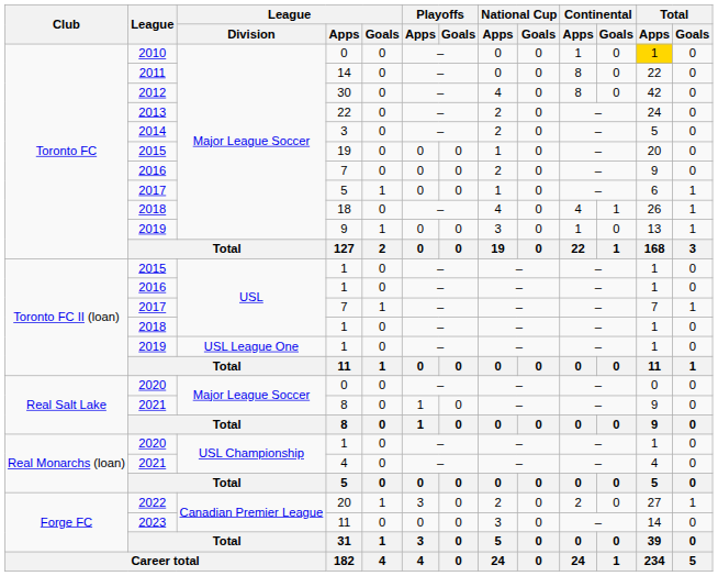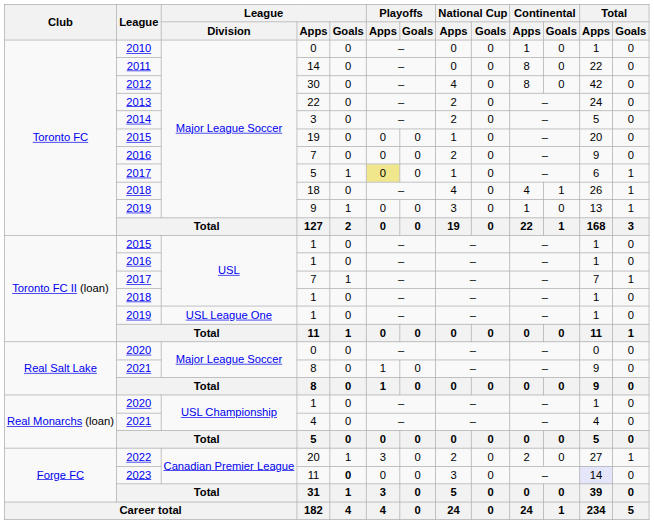 <table class="wikitable" style="text-align: center;">
 <tr>
 <th rowspan="2">Club</th>
 <th rowspan="2">League</th>
 <th colspan="3">League</th>
 <th colspan="2">Playoffs</th>
 <th colspan="2">National Cup</th>
 <th colspan="2">Continental</th>
 <th colspan="2">Total</th>
 </tr>
 <tr>
 <th>Division</th>
 <th>Apps</th>
 <th>Goals</th>
 <th>Apps</th>
 <th>Goals</th>
 <th>Apps</th>
 <th>Goals</th>
 <th>Apps</th>
 <th>Goals</th>
 <th>Apps</th>
 <th>Goals</th>
 </tr>
 <tr>
 <td rowspan="11"><a href='#'>Toronto FC</a></td>
 <td><a href='#'>2010</a></td>
 <td rowspan="10"><a href='#'>Major League Soccer</a></td>
 <td>0</td>
 <td>0</td>
 <td colspan="2">–</td>
 <td>0</td>
 <td>0</td>
 <td>1</td>
 <td>0</td>
-<td style="background: gold;">1</td>
+<td>1</td>
 <td>0</td>
 </tr>
 <tr>
 <td><a href='#'>2011</a></td>
 <td>14</td>
 <td>0</td>
 <td colspan="2">–</td>
 <td>0</td>
 <td>0</td>
 <td>8</td>
 <td>0</td>
 <td>22</td>
 <td>0</td>
 </tr>
 <tr>
 <td><a href='#'>2012</a></td>
 <td>30</td>
 <td>0</td>
 <td colspan="2">–</td>
 <td>4</td>
 <td>0</td>
 <td>8</td>
 <td>0</td>
 <td>42</td>
 <td>0</td>
 </tr>
 <tr>
 <td><a href='#'>2013</a></td>
 <td>22</td>
 <td>0</td>
 <td colspan="2">–</td>
 <td>2</td>
 <td>0</td>
 <td colspan="2">–</td>
 <td>24</td>
 <td>0</td>
 </tr>
 <tr>
 <td><a href='#'>2014</a></td>
 <td>3</td>
 <td>0</td>
 <td colspan="2">–</td>
 <td>2</td>
 <td>0</td>
 <td colspan="2">–</td>
 <td>5</td>
 <td>0</td>
 </tr>
 <tr>
 <td><a href='#'>2015</a></td>
 <td>19</td>
 <td>0</td>
 <td>0</td>
 <td>0</td>
 <td>1</td>
 <td>0</td>
 <td colspan="2">–</td>
 <td>20</td>
 <td>0</td>
 </tr>
 <tr>
 <td><a href='#'>2016</a></td>
 <td>7</td>
 <td>0</td>
 <td>0</td>
 <td>0</td>
 <td>2</td>
 <td>0</td>
 <td colspan="2">–</td>
 <td>9</td>
 <td>0</td>
 </tr>
 <tr>
 <td><a href='#'>2017</a></td>
 <td>5</td>
 <td>1</td>
-<td>0</td>
+<td style="background: khaki;">0</td>
 <td>0</td>
 <td>1</td>
 <td>0</td>
 <td colspan="2">–</td>
 <td>6</td>
 <td>1</td>
 </tr>
 <tr>
 <td><a href='#'>2018</a></td>
 <td>18</td>
 <td>0</td>
 <td colspan="2">–</td>
 <td>4</td>
 <td>0</td>
 <td>4</td>
 <td>1</td>
 <td>26</td>
 <td>1</td>
 </tr>
 <tr>
 <td><a href='#'>2019</a></td>
 <td>9</td>
 <td>1</td>
 <td>0</td>
 <td>0</td>
 <td>3</td>
 <td>0</td>
 <td>1</td>
 <td>0</td>
 <td>13</td>
 <td>1</td>
 </tr>
 <tr>
 <th colspan="2">Total</th>
 <th>127</th>
 <th>2</th>
 <th>0</th>
 <th>0</th>
 <th>19</th>
 <th>0</th>
 <th>22</th>
 <th>1</th>
 <th>168</th>
 <th>3</th>
 </tr>
 <tr>
 <td rowspan="6"><a href='#'>Toronto FC II</a> (loan)</td>
 <td><a href='#'>2015</a></td>
 <td rowspan="4"><a href='#'>USL</a></td>
 <td>1</td>
 <td>0</td>
 <td colspan="2">–</td>
 <td colspan="2">–</td>
 <td colspan="2">–</td>
 <td>1</td>
 <td>0</td>
 </tr>
 <tr>
 <td><a href='#'>2016</a></td>
 <td>1</td>
 <td>0</td>
 <td colspan="2">–</td>
 <td colspan="2">–</td>
 <td colspan="2">–</td>
 <td>1</td>
 <td>0</td>
 </tr>
 <tr>
 <td><a href='#'>2017</a></td>
 <td>7</td>
 <td>1</td>
 <td colspan="2">–</td>
 <td colspan="2">–</td>
 <td colspan="2">–</td>
 <td>7</td>
 <td>1</td>
 </tr>
 <tr>
 <td><a href='#'>2018</a></td>
 <td>1</td>
 <td>0</td>
 <td colspan="2">–</td>
 <td colspan="2">–</td>
 <td colspan="2">–</td>
 <td>1</td>
 <td>0</td>
 </tr>
 <tr>
 <td><a href='#'>2019</a></td>
 <td><a href='#'>USL League One</a></td>
 <td>1</td>
 <td>0</td>
 <td colspan="2">–</td>
 <td colspan="2">–</td>
 <td colspan="2">–</td>
 <td>1</td>
 <td>0</td>
 </tr>
 <tr>
 <th colspan="2">Total</th>
 <th>11</th>
 <th>1</th>
 <th>0</th>
 <th>0</th>
 <th>0</th>
 <th>0</th>
 <th>0</th>
 <th>0</th>
 <th>11</th>
 <th>1</th>
 </tr>
 <tr>
 <td rowspan="3"><a href='#'>Real Salt Lake</a></td>
 <td><a href='#'>2020</a></td>
 <td rowspan=2><a href='#'>Major League Soccer</a></td>
 <td>0</td>
 <td>0</td>
 <td colspan="2">–</td>
 <td colspan="2">–</td>
 <td colspan="2">–</td>
 <td>0</td>
 <td>0</td>
 </tr>
 <tr>
 <td><a href='#'>2021</a></td>
 <td>8</td>
 <td>0</td>
 <td>1</td>
 <td>0</td>
 <td colspan="2">–</td>
 <td colspan="2">–</td>
 <td>9</td>
 <td>0</td>
 </tr>
 <tr>
 <th colspan="2">Total</th>
 <th>8</th>
 <th>0</th>
 <th>1</th>
 <th>0</th>
 <th>0</th>
 <th>0</th>
 <th>0</th>
 <th>0</th>
 <th>9</th>
 <th>0</th>
 </tr>
 <tr>
 <td rowspan="3"><a href='#'>Real Monarchs</a> (loan)</td>
 <td><a href='#'>2020</a></td>
 <td rowspan="2"><a href='#'>USL Championship</a></td>
 <td>1</td>
 <td>0</td>
 <td colspan="2">–</td>
 <td colspan="2">–</td>
 <td colspan="2">–</td>
 <td>1</td>
 <td>0</td>
 </tr>
 <tr>
 <td><a href='#'>2021</a></td>
 <td>4</td>
 <td>0</td>
 <td colspan="2">–</td>
 <td colspan="2">–</td>
 <td colspan="2">–</td>
 <td>4</td>
 <td>0</td>
 </tr>
 <tr>
 <th colspan="2">Total</th>
 <th>5</th>
 <th>0</th>
 <th>0</th>
 <th>0</th>
 <th>0</th>
 <th>0</th>
 <th>0</th>
 <th>0</th>
 <th>5</th>
 <th>0</th>
 </tr>
 <tr>
 <td rowspan=3><a href='#'>Forge FC</a></td>
 <td><a href='#'>2022</a></td>
 <td rowspan=2><a href='#'>Canadian Premier League</a></td>
 <td>20</td>
 <td>1</td>
 <td>3</td>
 <td>0</td>
 <td>2</td>
 <td>0</td>
 <td>2</td>
 <td>0</td>
 <td>27</td>
 <td>1</td>
 </tr>
 <tr>
 <td><a href='#'>2023</a></td>
 <td>11</td>
-<td>0</td>
+<td><strong>0</strong></td>
 <td>0</td>
 <td>0</td>
 <td>3</td>
 <td>0</td>
 <td colspan="2">–</td>
-<td>14</td>
+<td style="background: lavender;">14</td>
 <td>0</td>
 </tr>
 <tr>
 <th colspan="2">Total</th>
 <th>31</th>
 <th>1</th>
 <th>3</th>
 <th>0</th>
 <th>5</th>
 <th>0</th>
 <th>0</th>
 <th>0</th>
 <th>39</th>
 <th>0</th>
 </tr>
 <tr>
 <th colspan="3">Career total</th>
 <th>182</th>
 <th>4</th>
 <th>4</th>
 <th>0</th>
 <th>24</th>
 <th>0</th>
 <th>24</th>
 <th>1</th>
 <th>234</th>
 <th>5</th>
 </tr>
 </table>
